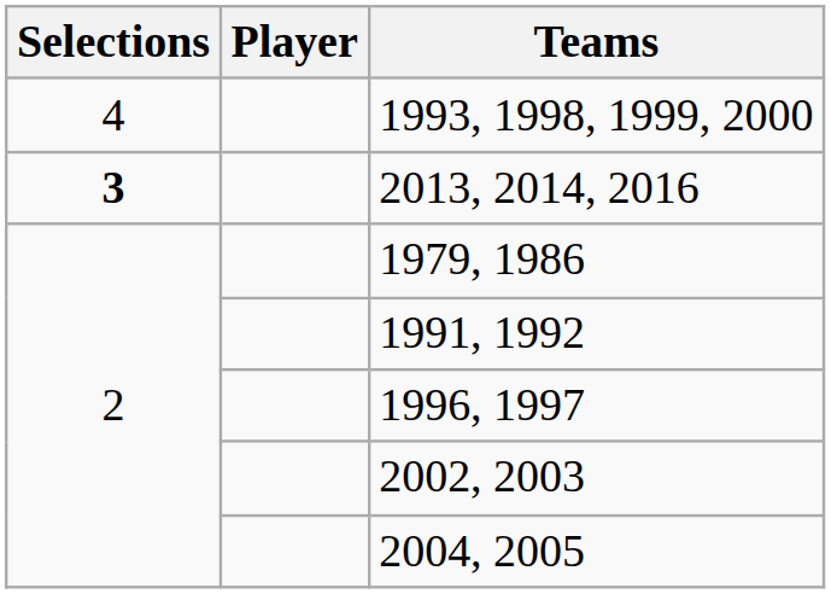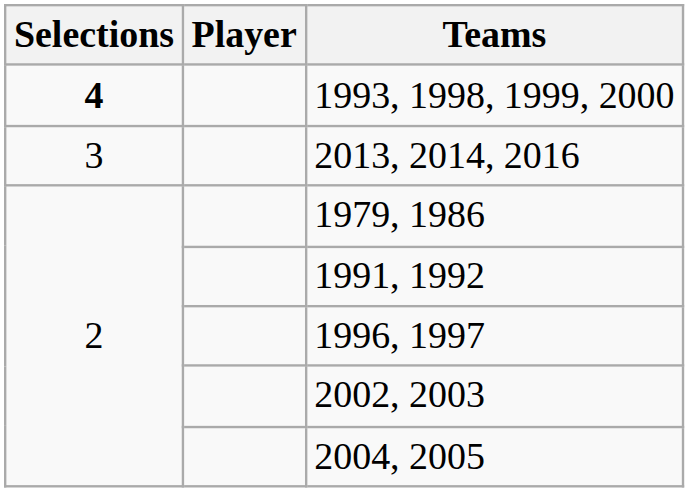 <table class="wikitable sortable">
 <tr>
 <th>Selections</th>
 <th>Player</th>
 <th class="unsortable">Teams</th>
 </tr>
 <tr>
-<td align="center">4</td>
+<td align="center"><strong>4</strong></td>
 <td></td>
 <td>1993, 1998, 1999, 2000</td>
 </tr>
 <tr>
-<td align="center"><strong>3</strong></td>
+<td align="center">3</td>
 <td></td>
 <td>2013, 2014, 2016</td>
 </tr>
 <tr>
 <td rowspan="5" align="center">2</td>
 <td></td>
 <td>1979, 1986</td>
 </tr>
 <tr>
 <td></td>
 <td>1991, 1992</td>
 </tr>
 <tr>
 <td></td>
 <td>1996, 1997</td>
 </tr>
 <tr>
 <td></td>
 <td>2002, 2003</td>
 </tr>
 <tr>
 <td></td>
 <td>2004, 2005</td>
 </tr>
 </table>
